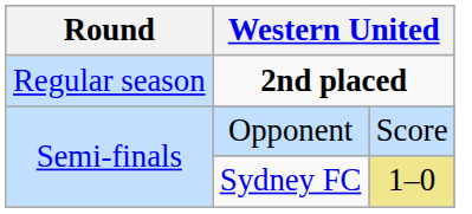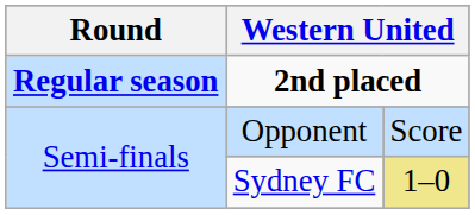 <table class="wikitable" style="text-align:center">
 <tr>
 <th>Round</th>
 <th colspan="4"><a href='#'>Western United</a></th>
 </tr>
 <tr>
-<td style="background:#c1e0ff"><a href='#'>Regular season</a></td>
+<td style="background:#c1e0ff"><strong><a href='#'>Regular season</a></strong></td>
 <td colspan="4" valign="top"><strong>2nd placed</strong> </td>
 </tr>
 <tr style="background:#c1e0ff">
 <td rowspan=2><a href='#'>Semi-finals</a></td>
 <td>Opponent</td>
 <td colspan="3">Score</td>
 </tr>
 <tr>
 <td><a href='#'>Sydney FC</a></td>
 <td style="background: khaki;">1–0</td>
 </tr>
 </table>
